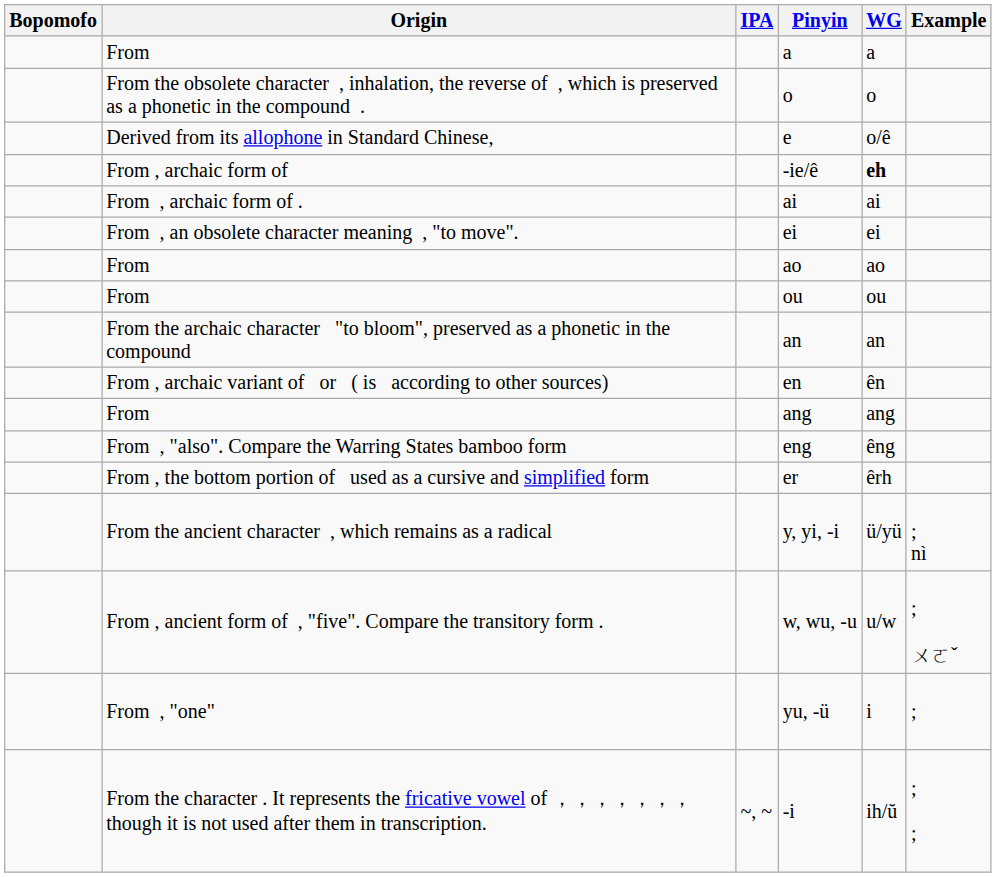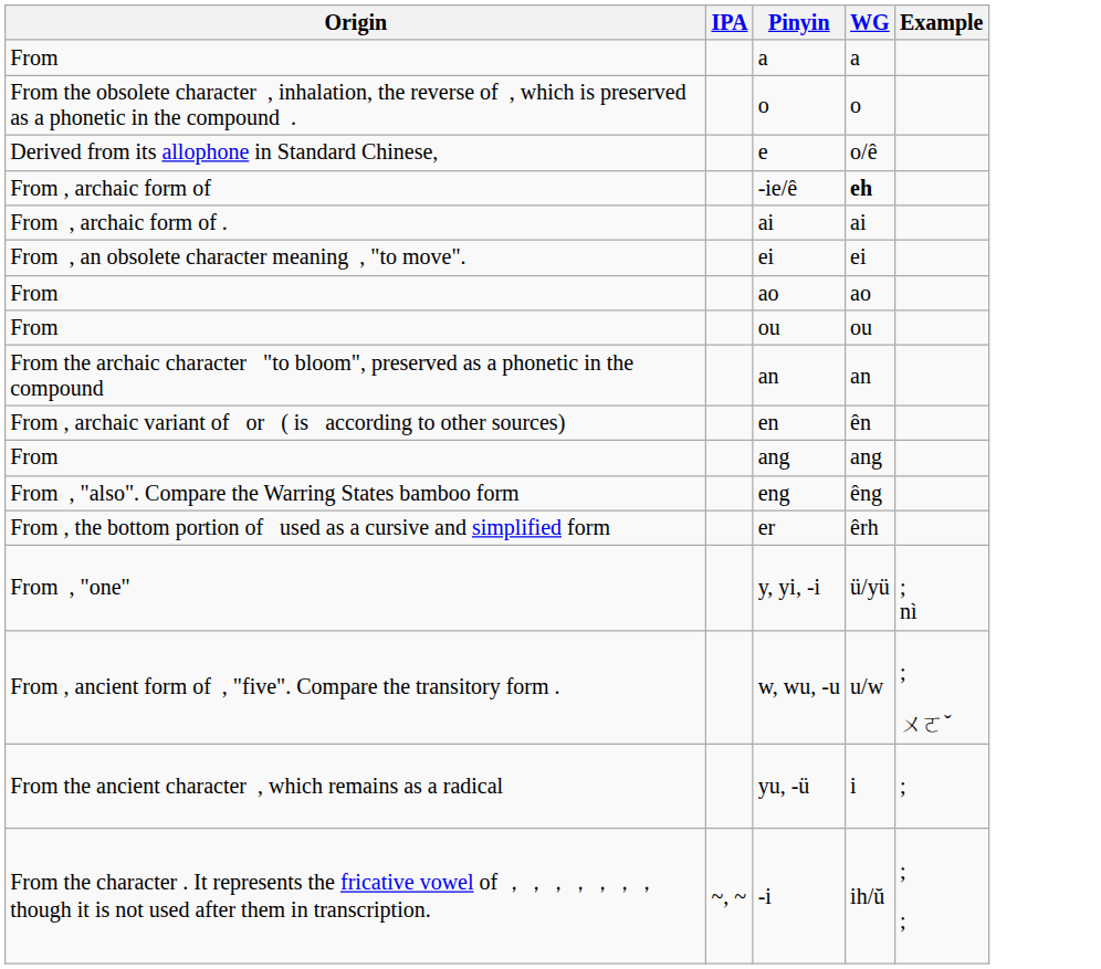 <table class="wikitable defaultcenter col2left" style="display:inline-table;">
 <tr>
-<th>Bopomofo</th>
 <th style="width:500px;">Origin</th>
 <th><a href='#'>IPA</a></th>
 <th><a href='#'>Pinyin</a></th>
 <th><a href='#'>WG</a></th>
 <th>Example</th>
 </tr>
 <tr>
-<td></td>
 <td>From  </td>
 <td></td>
 <td>a</td>
 <td>a</td>
 <td> <br></td>
 </tr>
 <tr>
-<td></td>
 <td>From the obsolete character  , inhalation, the reverse of  , which is preserved as a phonetic in the compound  .</td>
 <td></td>
 <td>o</td>
 <td>o</td>
 <td> <br></td>
 </tr>
 <tr>
-<td></td>
 <td>Derived from its <a href='#'>allophone</a> in Standard Chinese,  </td>
 <td></td>
 <td>e</td>
 <td>o/ê</td>
 <td> <br></td>
 </tr>
 <tr>
-<td></td>
 <td>From , archaic form of  </td>
 <td></td>
 <td>-ie/ê</td>
 <td><strong>eh</strong></td>
 <td> <br></td>
 </tr>
 <tr>
-<td></td>
 <td>From  , archaic form of .</td>
 <td></td>
 <td>ai</td>
 <td>ai</td>
 <td> <br></td>
 </tr>
 <tr>
-<td></td>
 <td>From  , an obsolete character meaning  , "to move".</td>
 <td></td>
 <td>ei</td>
 <td>ei</td>
 <td> <br></td>
 </tr>
 <tr>
-<td></td>
 <td>From  </td>
 <td></td>
 <td>ao</td>
 <td>ao</td>
 <td> <br></td>
 </tr>
 <tr>
-<td></td>
 <td>From  </td>
 <td></td>
 <td>ou</td>
 <td>ou</td>
 <td> <br></td>
 </tr>
 <tr>
-<td></td>
 <td>From the archaic character   "to bloom", preserved as a phonetic in the compound  </td>
 <td></td>
 <td>an</td>
 <td>an</td>
 <td> <br></td>
 </tr>
 <tr>
-<td></td>
 <td>From , archaic variant of   or   ( is   according to other sources)</td>
 <td></td>
 <td>en</td>
 <td>ên</td>
 <td> <br></td>
 </tr>
 <tr>
-<td></td>
 <td>From  </td>
 <td></td>
 <td>ang</td>
 <td>ang</td>
 <td> <br></td>
 </tr>
 <tr>
-<td></td>
 <td>From  , "also". Compare the Warring States bamboo form </td>
 <td></td>
 <td>eng</td>
 <td>êng</td>
 <td> <br></td>
 </tr>
 <tr>
-<td></td>
 <td>From , the bottom portion of   used as a cursive and <a href='#'>simplified</a> form</td>
 <td></td>
 <td>er</td>
 <td>êrh</td>
 <td> <br></td>
 </tr>
 <tr>
-<td><br></td>
-<td>From the ancient character  , which remains as a radical</td>
+<td>From  , "one"</td>
 <td></td>
 <td>y, yi, -i</td>
 <td>ü/yü</td>
 <td> <br>;<br> nì<br></td>
 </tr>
 <tr>
-<td></td>
 <td>From , ancient form of  , "five". Compare the transitory form .</td>
 <td></td>
 <td>w, wu, -u</td>
 <td>u/w</td>
 <td> <br>;<br> <br>ㄨㄛˇ</td>
 </tr>
 <tr>
-<td></td>
-<td>From  , "one"</td>
+<td>From the ancient character  , which remains as a radical</td>
 <td></td>
 <td>yu, -ü</td>
 <td>i</td>
 <td> <br>;<br> <br></td>
 </tr>
 <tr>
-<td><br></td>
 <td>From the character . It represents the <a href='#'>fricative vowel</a> of ，，，，，，，though it is not used after them in transcription.</td>
 <td>~, ~</td>
 <td>-i</td>
 <td>ih/ŭ</td>
 <td> <br>;<br> <br>;<br> <br></td>
 </tr>
 </table>
